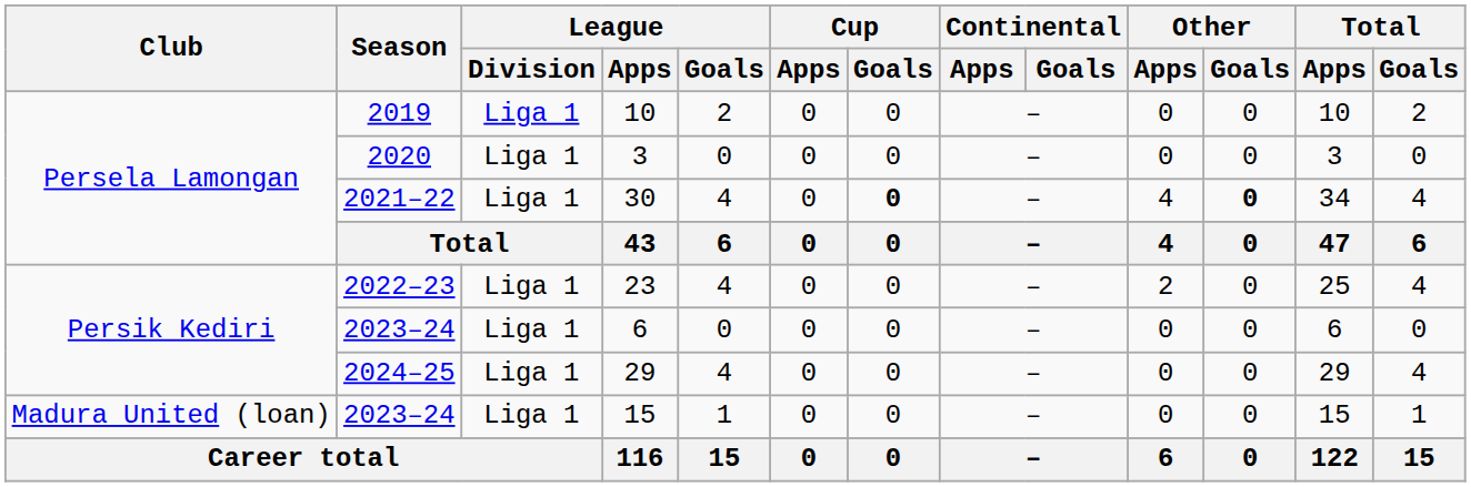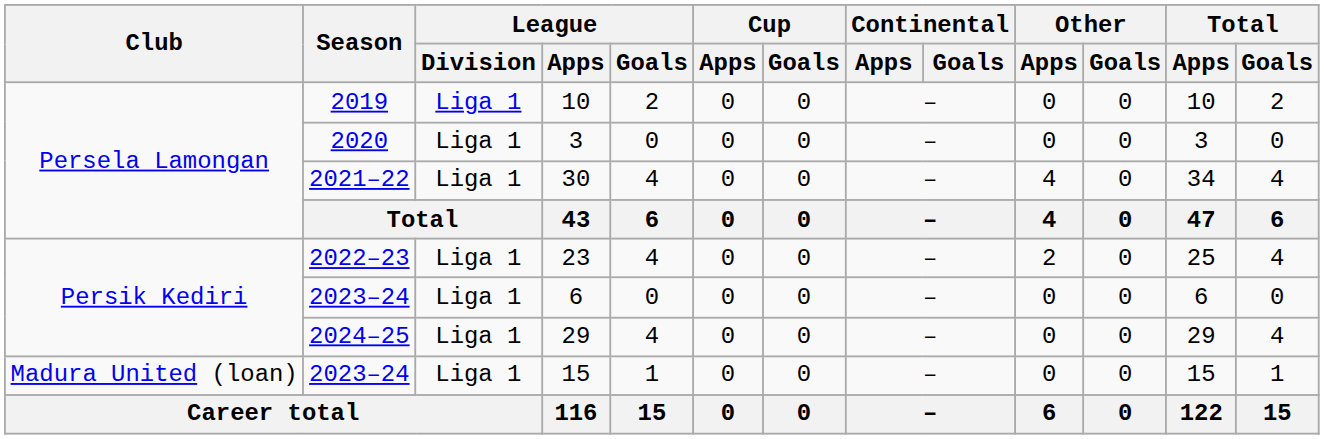 <table class="wikitable" style="text-align: center">
 <tr>
 <th rowspan="2">Club</th>
 <th rowspan="2">Season</th>
 <th colspan="3">League</th>
 <th colspan="2">Cup</th>
 <th colspan="2">Continental</th>
 <th colspan="2">Other</th>
 <th colspan="2">Total</th>
 </tr>
 <tr>
 <th>Division</th>
 <th>Apps</th>
 <th>Goals</th>
 <th>Apps</th>
 <th>Goals</th>
 <th>Apps</th>
 <th>Goals</th>
 <th>Apps</th>
 <th>Goals</th>
 <th>Apps</th>
 <th>Goals</th>
 </tr>
 <tr>
 <td rowspan="4"><a href='#'>Persela Lamongan</a></td>
 <td><a href='#'>2019</a></td>
 <td rowspan="1" valign="center"><a href='#'>Liga 1</a></td>
 <td>10</td>
 <td>2</td>
 <td>0</td>
 <td>0</td>
 <td colspan="2">–</td>
 <td>0</td>
 <td>0</td>
 <td>10</td>
 <td>2</td>
 </tr>
 <tr>
 <td><a href='#'>2020</a></td>
 <td rowspan="1" valign="center">Liga 1</td>
 <td>3</td>
 <td>0</td>
 <td>0</td>
 <td>0</td>
 <td colspan="2">–</td>
 <td>0</td>
 <td>0</td>
 <td>3</td>
 <td>0</td>
 </tr>
 <tr>
 <td><a href='#'>2021–22</a></td>
 <td rowspan="1" valign="center">Liga 1</td>
 <td>30</td>
 <td>4</td>
 <td>0</td>
-<td><strong>0</strong></td>
+<td>0</td>
 <td colspan="2">–</td>
 <td>4</td>
-<td><strong>0</strong></td>
+<td>0</td>
 <td>34</td>
 <td>4</td>
 </tr>
 <tr>
 <th colspan=2>Total</th>
 <th>43</th>
 <th>6</th>
 <th>0</th>
 <th>0</th>
 <th colspan="2">–</th>
 <th>4</th>
 <th>0</th>
 <th>47</th>
 <th>6</th>
 </tr>
 <tr>
 <td rowspan="3"><a href='#'>Persik Kediri</a></td>
 <td><a href='#'>2022–23</a></td>
 <td rowspan="1">Liga 1</td>
 <td>23</td>
 <td>4</td>
 <td>0</td>
 <td>0</td>
 <td colspan="2">–</td>
 <td>2</td>
 <td>0</td>
 <td>25</td>
 <td>4</td>
 </tr>
 <tr>
 <td><a href='#'>2023–24</a></td>
 <td rowspan="1">Liga 1</td>
 <td>6</td>
 <td>0</td>
 <td>0</td>
 <td>0</td>
 <td colspan="2">–</td>
 <td>0</td>
 <td>0</td>
 <td>6</td>
 <td>0</td>
 </tr>
 <tr>
 <td><a href='#'>2024–25</a></td>
 <td>Liga 1</td>
 <td>29</td>
 <td>4</td>
 <td>0</td>
 <td>0</td>
 <td colspan="2">–</td>
 <td>0</td>
 <td>0</td>
 <td>29</td>
 <td>4</td>
 </tr>
 <tr>
 <td rowspan="1"><a href='#'>Madura United</a> (loan)</td>
 <td><a href='#'>2023–24</a></td>
 <td rowspan="1">Liga 1</td>
 <td>15</td>
 <td>1</td>
 <td>0</td>
 <td>0</td>
 <td colspan="2">–</td>
 <td>0</td>
 <td>0</td>
 <td>15</td>
 <td>1</td>
 </tr>
 <tr>
 <th colspan=3>Career total</th>
 <th>116</th>
 <th>15</th>
 <th>0</th>
 <th>0</th>
 <th colspan="2">–</th>
 <th>6</th>
 <th>0</th>
 <th>122</th>
 <th>15</th>
 </tr>
 </table>
